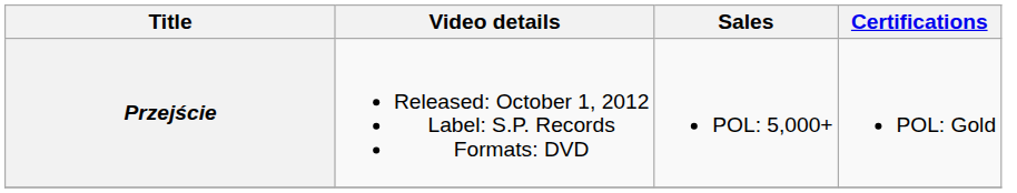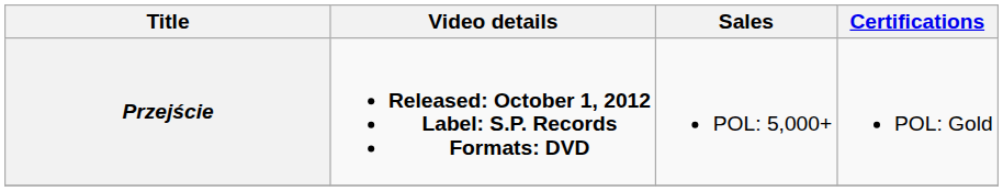 <table class="wikitable plainrowheaders" style="text-align:center;">
 <tr>
 <th scope="col" style="width:15em;">Title</th>
 <th scope="col">Video details</th>
 <th scope="col">Sales</th>
 <th scope="col"><a href='#'>Certifications</a></th>
 </tr>
 <tr>
 <th scope="row"><em>Przejście</em></th>
-<td><br><ul><li>Released: October 1, 2012</li><li>Label: S.P. Records</li><li>Formats: DVD</li></ul></td>
+<td><strong><br><ul><li>Released: October 1, 2012</li><li>Label: S.P. Records</li><li>Formats: DVD</li></ul></strong></td>
 <td><br><ul><li>POL: 5,000+</li></ul></td>
 <td><br><ul><li>POL: Gold</li></ul></td>
 </tr>
 <tr>
 </tr>
 </table>
